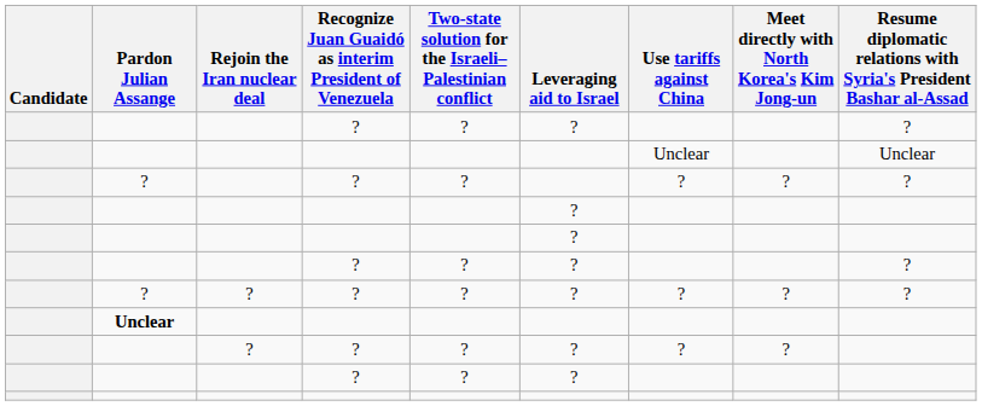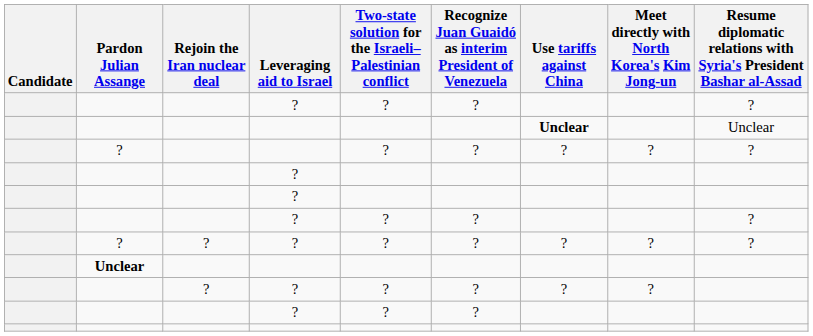 <table class="wikitable sortable" style=margin:auto;table-layout:fixed;text-align:center>
 <tr valign=bottom>
 <th>Candidate</th>
 <th style=max-width:6em>Pardon <a href='#'>Julian Assange</a></th>
 <th style=max-width:6em>Rejoin the <a href='#'>Iran nuclear deal</a></th>
+<th style=max-width:6em>Leveraging <a href='#'>aid to Israel</a></th>
+<th style=max-width:6em><a href='#'>Two-state solution</a> for the <a href='#'>Israeli–Palestinian conflict</a></th>
 <th style=max-width:6em>Recognize <a href='#'>Juan Guaidó</a> as <a href='#'>interim President of Venezuela</a></th>
-<th style=max-width:6em><a href='#'>Two-state solution</a> for the <a href='#'>Israeli–Palestinian conflict</a></th>
-<th style=max-width:6em>Leveraging <a href='#'>aid to Israel</a></th>
 <th style=max-width:6em>Use <a href='#'>tariffs against China</a></th>
 <th style=max-width:6em>Meet directly with <a href='#'>North Korea's</a> <a href='#'>Kim Jong-un</a></th>
 <th style=max-width:8em>Resume diplomatic relations with <a href='#'>Syria's</a> President <a href='#'>Bashar al-Assad</a></th>
 </tr>
 <tr>
 <th></th>
 <td></td>
 <td></td>
 <td>?</td>
 <td>?</td>
 <td>?</td>
 <td></td>
 <td></td>
 <td>?</td>
 </tr>
 <tr>
 <th></th>
 <td></td>
 <td></td>
 <td></td>
 <td></td>
 <td></td>
-<td>Unclear</td>
+<td><strong>Unclear</strong></td>
 <td></td>
 <td>Unclear</td>
 </tr>
 <tr>
 <th></th>
 <td>?</td>
 <td></td>
+<td></td>
 <td>?</td>
 <td>?</td>
-<td></td>
 <td>?</td>
 <td>?</td>
 <td>?</td>
 </tr>
 <tr>
 <th></th>
 <td></td>
 <td></td>
+<td>?</td>
 <td></td>
 <td></td>
-<td>?</td>
 <td></td>
 <td></td>
 <td></td>
 </tr>
 <tr>
 <th></th>
 <td></td>
 <td></td>
+<td>?</td>
 <td></td>
 <td></td>
-<td>?</td>
 <td></td>
 <td></td>
 <td></td>
 </tr>
 <tr>
 <th></th>
 <td></td>
 <td></td>
 <td>?</td>
 <td>?</td>
 <td>?</td>
 <td></td>
 <td></td>
 <td>?</td>
 </tr>
 <tr>
 <th></th>
 <td>?</td>
 <td>?</td>
 <td>?</td>
 <td>?</td>
 <td>?</td>
 <td>?</td>
 <td>?</td>
 <td>?</td>
 </tr>
 <tr>
 <th></th>
 <td><strong>Unclear</strong></td>
 <td></td>
 <td></td>
 <td></td>
 <td></td>
 <td></td>
 <td></td>
 <td></td>
 </tr>
 <tr>
 <th></th>
 <td></td>
 <td>?</td>
 <td>?</td>
 <td>?</td>
 <td>?</td>
 <td>?</td>
 <td>?</td>
 <td></td>
 </tr>
 <tr>
 <th></th>
 <td></td>
 <td></td>
 <td>?</td>
 <td>?</td>
 <td>?</td>
 <td></td>
 <td></td>
 <td></td>
 </tr>
 <tr>
 <th></th>
 <td></td>
 <td></td>
 <td></td>
 <td></td>
 <td></td>
 <td></td>
 <td></td>
 <td></td>
 </tr>
 </table>
